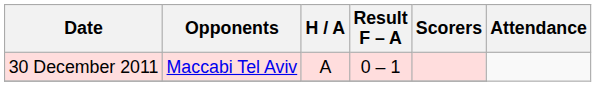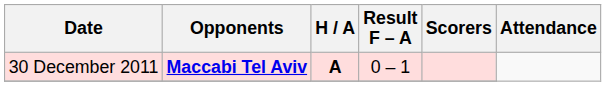 <table class="wikitable" style="text-align:center">
 <tr>
 <th>Date</th>
 <th>Opponents</th>
 <th>H / A</th>
 <th>Result<br>F – A</th>
 <th>Scorers</th>
 <th>Attendance</th>
 </tr>
 <tr bgcolor="#ffdddd">
 <td>30 December 2011</td>
-<td><a href='#'>Maccabi Tel Aviv</a></td>
-<td>A</td>
+<td><strong><a href='#'>Maccabi Tel Aviv</a></strong></td>
+<td><strong>A</strong></td>
 <td>0 – 1</td>
 <td></td>
 </tr>
 <tr>
 </tr>
 </table>
